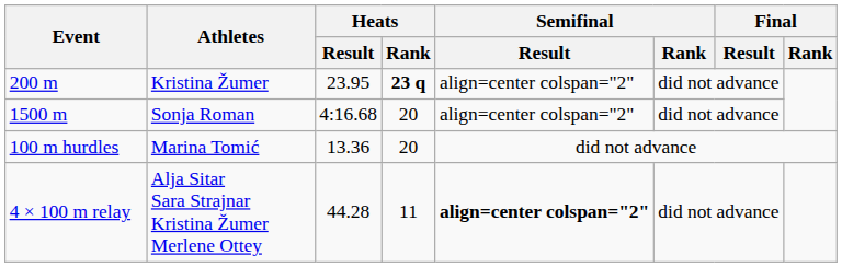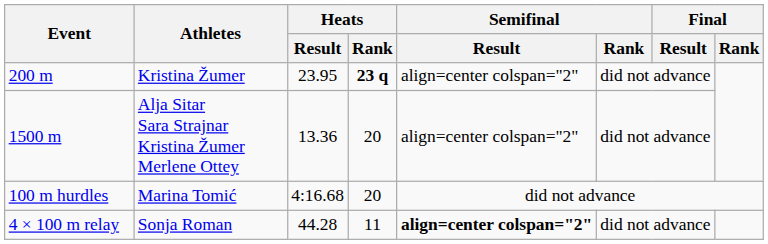 <table class="wikitable" border="1" style="font-size:90%">
 <tr>
 <th rowspan="2" width=100>Event</th>
 <th rowspan="2" width=120>Athletes</th>
 <th colspan="2">Heats</th>
 <th colspan="2">Semifinal</th>
 <th colspan="2">Final</th>
 </tr>
 <tr>
 <th>Result</th>
 <th>Rank</th>
 <th>Result</th>
 <th>Rank</th>
 <th>Result</th>
 <th>Rank</th>
 </tr>
 <tr>
 <td><a href='#'>200 m</a></td>
 <td><a href='#'>Kristina Žumer</a></td>
 <td align=center>23.95</td>
 <td align=center><strong>23 q</strong></td>
 <td>align=center colspan="2" </td>
 <td align=center colspan="2">did not advance</td>
 </tr>
 <tr>
 <td><a href='#'>1500 m</a></td>
-<td><a href='#'>Sonja Roman</a></td>
-<td align=center>4:16.68</td>
+<td><a href='#'>Alja Sitar</a><br><a href='#'>Sara Strajnar</a><br><a href='#'>Kristina Žumer</a><br><a href='#'>Merlene Ottey</a></td>
+<td align=center>13.36</td>
 <td align=center>20</td>
 <td>align=center colspan="2" </td>
 <td align=center colspan="2">did not advance</td>
 </tr>
 <tr>
 <td><a href='#'>100 m hurdles</a></td>
 <td><a href='#'>Marina Tomić</a></td>
-<td align=center>13.36</td>
+<td align=center>4:16.68</td>
 <td align=center>20</td>
 <td align=center colspan="4">did not advance</td>
 </tr>
 <tr>
 <td><a href='#'>4 × 100 m relay</a></td>
-<td><a href='#'>Alja Sitar</a><br><a href='#'>Sara Strajnar</a><br><a href='#'>Kristina Žumer</a><br><a href='#'>Merlene Ottey</a></td>
+<td><a href='#'>Sonja Roman</a></td>
 <td align=center>44.28</td>
 <td align=center>11</td>
 <td><strong>align=center colspan="2" </strong></td>
 <td align=center colspan="2">did not advance</td>
 </tr>
 </table>
